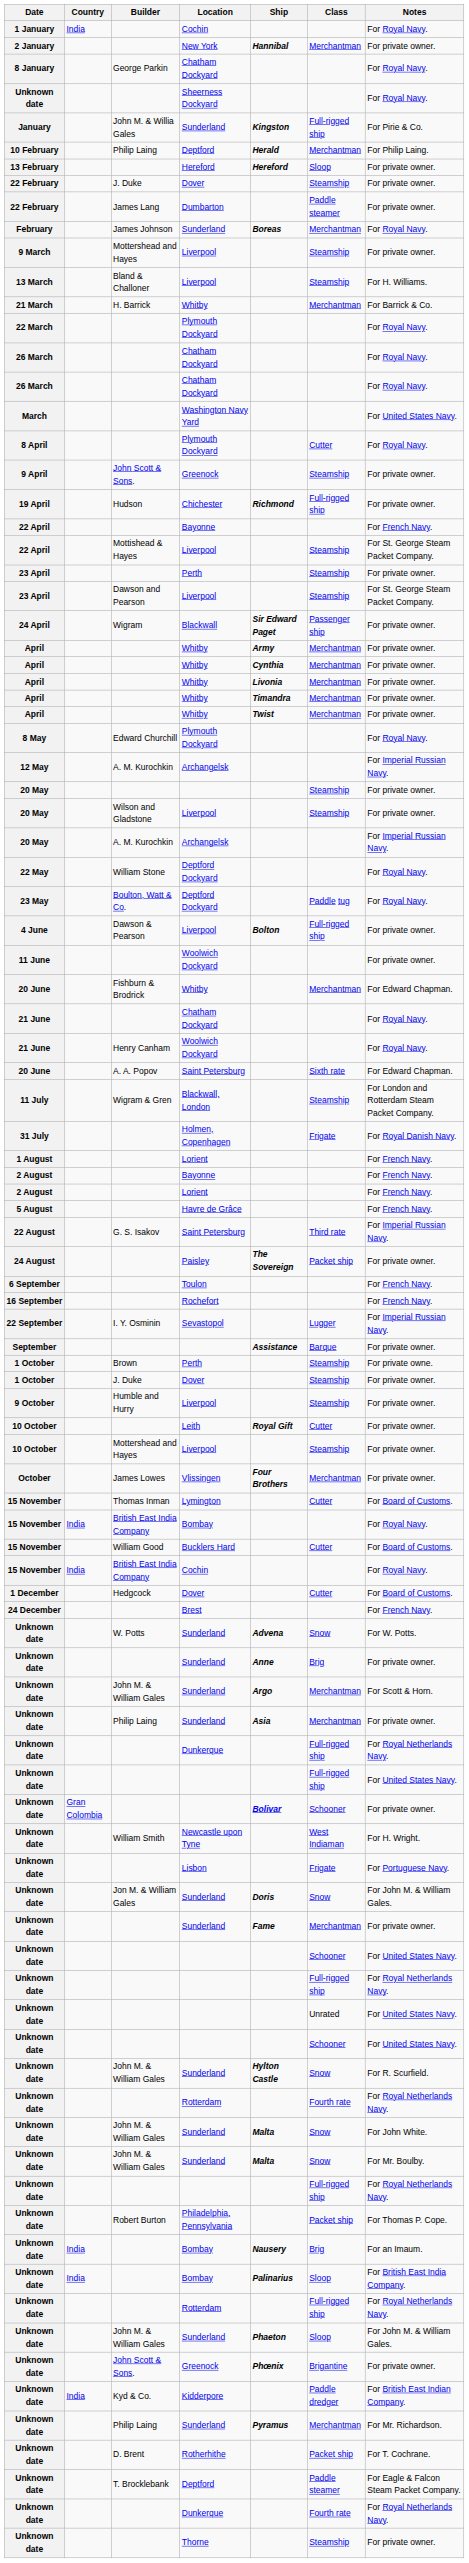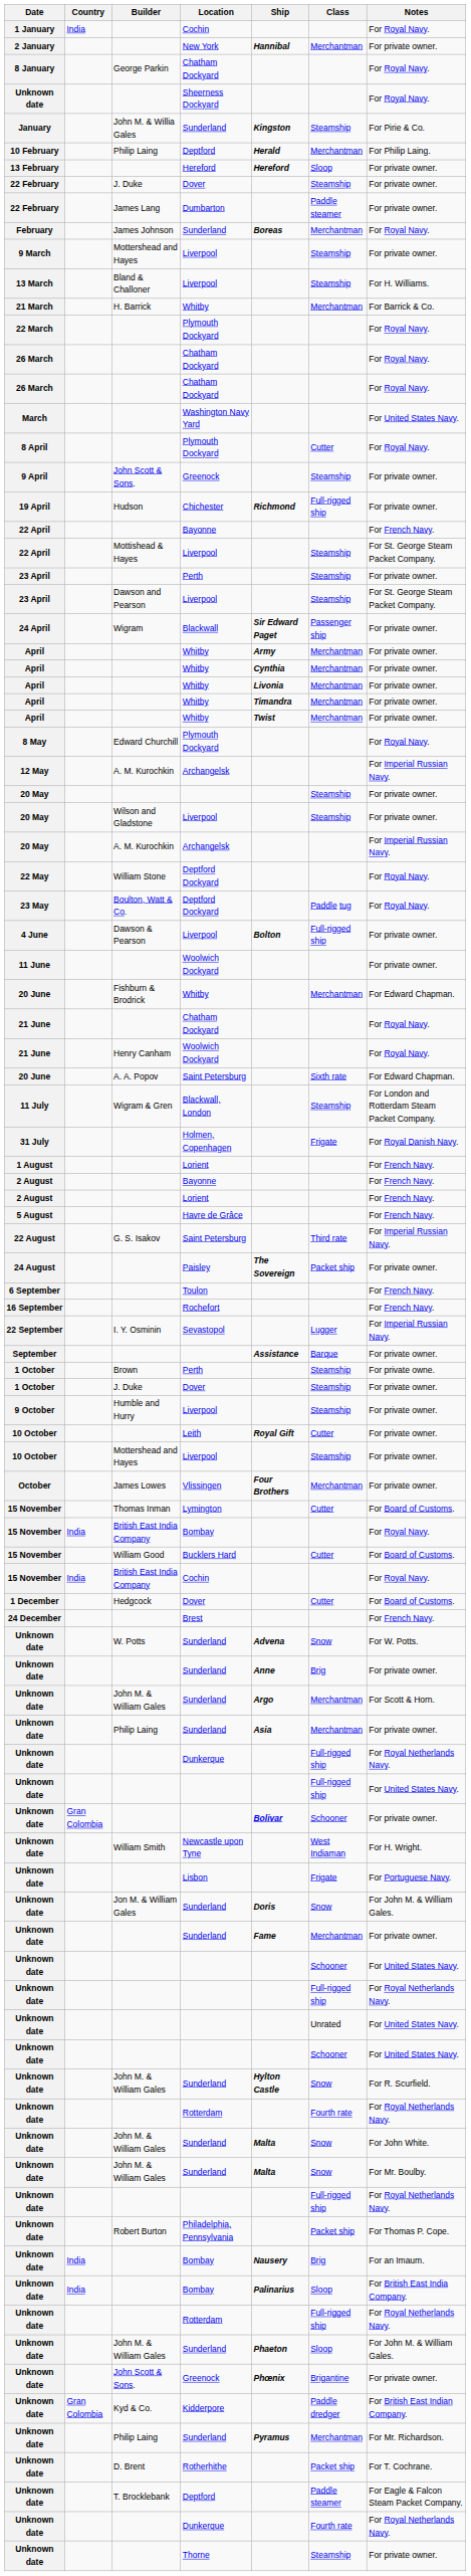 <table class="wikitable sortable" style="font-size:1.00em; line-height:1.5em;">
 <tr>
 <th>Date</th>
 <th>Country</th>
 <th>Builder</th>
 <th>Location</th>
 <th>Ship</th>
 <th>Class</th>
 <th>Notes</th>
 </tr>
 <tr ---->
 <th>1 January</th>
 <td> <a href='#'>India</a></td>
 <td></td>
 <td><a href='#'>Cochin</a></td>
 <td><strong></strong></td>
 <td></td>
 <td>For <a href='#'>Royal Navy</a>.</td>
 </tr>
 <tr ---->
 <th>2 January</th>
 <td></td>
 <td></td>
 <td><a href='#'>New York</a></td>
 <td><strong><em>Hannibal</em></strong></td>
 <td><a href='#'>Merchantman</a></td>
 <td>For private owner.</td>
 </tr>
 <tr ---->
 <th>8 January</th>
 <td></td>
 <td>George Parkin</td>
 <td><a href='#'>Chatham Dockyard</a></td>
 <td><strong></strong></td>
 <td></td>
 <td>For <a href='#'>Royal Navy</a>.</td>
 </tr>
 <tr ---->
 <th>Unknown date</th>
 <td></td>
 <td></td>
 <td><a href='#'>Sheerness Dockyard</a></td>
 <td><strong></strong></td>
 <td></td>
 <td>For <a href='#'>Royal Navy</a>.</td>
 </tr>
 <tr ---->
 <th>January</th>
 <td></td>
 <td>John M. & Willia Gales</td>
 <td><a href='#'>Sunderland</a></td>
 <td><strong><em>Kingston</em></strong></td>
-<td><a href='#'>Full-rigged ship</a></td>
+<td><a href='#'>Steamship</a></td>
 <td>For Pirie & Co.</td>
 </tr>
 <tr ---->
 <th>10 February</th>
 <td></td>
 <td>Philip Laing</td>
 <td><a href='#'>Deptford</a></td>
 <td><strong><em>Herald</em></strong></td>
 <td><a href='#'>Merchantman</a></td>
 <td>For Philip Laing.</td>
 </tr>
 <tr ---->
 <th>13 February</th>
 <td></td>
 <td></td>
 <td><a href='#'>Hereford</a></td>
 <td><strong><em>Hereford</em></strong></td>
 <td><a href='#'>Sloop</a></td>
 <td>For private owner.</td>
 </tr>
 <tr ---->
 <th>22 February</th>
 <td></td>
 <td>J. Duke</td>
 <td><a href='#'>Dover</a></td>
 <td><strong></strong></td>
 <td><a href='#'>Steamship</a></td>
 <td>For private owner.</td>
 </tr>
 <tr ---->
 <th>22 February</th>
 <td></td>
 <td>James Lang</td>
 <td><a href='#'>Dumbarton</a></td>
 <td><strong></strong></td>
 <td><a href='#'>Paddle steamer</a></td>
 <td>For private owner.</td>
 </tr>
 <tr ---->
 <th>February</th>
 <td></td>
 <td>James Johnson</td>
 <td><a href='#'>Sunderland</a></td>
 <td><strong><em>Boreas</em></strong></td>
 <td><a href='#'>Merchantman</a></td>
 <td>For <a href='#'>Royal Navy</a>.</td>
 </tr>
 <tr ---->
 <th>9 March</th>
 <td></td>
 <td>Mottershead and Hayes</td>
 <td><a href='#'>Liverpool</a></td>
 <td><strong></strong></td>
 <td><a href='#'>Steamship</a></td>
 <td>For private owner.</td>
 </tr>
 <tr ---->
 <th>13 March</th>
 <td></td>
 <td>Bland & Challoner</td>
 <td><a href='#'>Liverpool</a></td>
 <td><strong></strong></td>
 <td><a href='#'>Steamship</a></td>
 <td>For H. Williams.</td>
 </tr>
 <tr ---->
 <th>21 March</th>
 <td></td>
 <td>H. Barrick</td>
 <td><a href='#'>Whitby</a></td>
 <td><strong></strong></td>
 <td><a href='#'>Merchantman</a></td>
 <td>For Barrick & Co.</td>
 </tr>
 <tr ---->
 <th>22 March</th>
 <td></td>
 <td></td>
 <td><a href='#'>Plymouth Dockyard</a></td>
 <td><strong></strong></td>
 <td></td>
 <td>For <a href='#'>Royal Navy</a>.</td>
 </tr>
 <tr ---->
 <th>26 March</th>
 <td></td>
 <td></td>
 <td><a href='#'>Chatham Dockyard</a></td>
 <td><strong></strong></td>
 <td></td>
 <td>For <a href='#'>Royal Navy</a>.</td>
 </tr>
 <tr ---->
 <th>26 March</th>
 <td></td>
 <td></td>
 <td><a href='#'>Chatham Dockyard</a></td>
 <td><strong></strong></td>
 <td></td>
 <td>For <a href='#'>Royal Navy</a>.</td>
 </tr>
 <tr ---->
 <th>March</th>
 <td></td>
 <td></td>
 <td><a href='#'>Washington Navy Yard</a></td>
 <td><strong></strong></td>
 <td></td>
 <td>For <a href='#'>United States Navy</a>.</td>
 </tr>
 <tr ---->
 <th>8 April</th>
 <td></td>
 <td></td>
 <td><a href='#'>Plymouth Dockyard</a></td>
 <td><strong></strong></td>
 <td><a href='#'>Cutter</a></td>
 <td>For <a href='#'>Royal Navy</a>.</td>
 </tr>
 <tr ---->
 <th>9 April</th>
 <td></td>
 <td><a href='#'>John Scott & Sons</a>.</td>
 <td><a href='#'>Greenock</a></td>
 <td><strong></strong></td>
 <td><a href='#'>Steamship</a></td>
 <td>For private owner.</td>
 </tr>
 <tr ---->
 <th>19 April</th>
 <td></td>
 <td>Hudson</td>
 <td><a href='#'>Chichester</a></td>
 <td><strong><em>Richmond</em></strong></td>
 <td><a href='#'>Full-rigged ship</a></td>
 <td>For private owner.</td>
 </tr>
 <tr ---->
 <th>22 April</th>
 <td></td>
 <td></td>
 <td><a href='#'>Bayonne</a></td>
 <td><strong></strong></td>
 <td></td>
 <td>For <a href='#'>French Navy</a>.</td>
 </tr>
 <tr ---->
 <th>22 April</th>
 <td></td>
 <td>Mottishead & Hayes</td>
 <td><a href='#'>Liverpool</a></td>
 <td><strong></strong></td>
 <td><a href='#'>Steamship</a></td>
 <td>For St. George Steam Packet Company.</td>
 </tr>
 <tr ---->
 <th>23 April</th>
 <td></td>
 <td></td>
 <td><a href='#'>Perth</a></td>
 <td><strong></strong></td>
 <td><a href='#'>Steamship</a></td>
 <td>For private owner.</td>
 </tr>
 <tr ---->
 <th>23 April</th>
 <td></td>
 <td>Dawson and Pearson</td>
 <td><a href='#'>Liverpool</a></td>
 <td><strong></strong></td>
 <td><a href='#'>Steamship</a></td>
 <td>For St. George Steam Packet Company.</td>
 </tr>
 <tr ---->
 <th>24 April</th>
 <td></td>
 <td>Wigram</td>
 <td><a href='#'>Blackwall</a></td>
 <td><strong><em>Sir Edward Paget</em></strong></td>
 <td><a href='#'>Passenger ship</a></td>
 <td>For private owner.</td>
 </tr>
 <tr ---->
 <th>April</th>
 <td></td>
 <td></td>
 <td><a href='#'>Whitby</a></td>
 <td><strong><em>Army</em></strong></td>
 <td><a href='#'>Merchantman</a></td>
 <td>For private owner.</td>
 </tr>
 <tr ---->
 <th>April</th>
 <td></td>
 <td></td>
 <td><a href='#'>Whitby</a></td>
 <td><strong><em>Cynthia</em></strong></td>
 <td><a href='#'>Merchantman</a></td>
 <td>For private owner.</td>
 </tr>
 <tr ---->
 <th>April</th>
 <td></td>
 <td></td>
 <td><a href='#'>Whitby</a></td>
 <td><strong><em>Livonia</em></strong></td>
 <td><a href='#'>Merchantman</a></td>
 <td>For private owner.</td>
 </tr>
 <tr ---->
 <th>April</th>
 <td></td>
 <td></td>
 <td><a href='#'>Whitby</a></td>
 <td><strong><em>Timandra</em></strong></td>
 <td><a href='#'>Merchantman</a></td>
 <td>For private owner.</td>
 </tr>
 <tr ---->
 <th>April</th>
 <td></td>
 <td></td>
 <td><a href='#'>Whitby</a></td>
 <td><strong><em>Twist</em></strong></td>
 <td><a href='#'>Merchantman</a></td>
 <td>For private owner.</td>
 </tr>
 <tr ---->
 <th>8 May</th>
 <td></td>
 <td>Edward Churchill</td>
 <td><a href='#'>Plymouth Dockyard</a></td>
 <td><strong></strong></td>
 <td></td>
 <td>For <a href='#'>Royal Navy</a>.</td>
 </tr>
 <tr ---->
 <th>12 May</th>
 <td></td>
 <td>A. M. Kurochkin</td>
 <td><a href='#'>Archangelsk</a></td>
 <td><strong></strong></td>
 <td></td>
 <td>For <a href='#'>Imperial Russian Navy</a>.</td>
 </tr>
 <tr ---->
 <th>20 May</th>
 <td></td>
 <td></td>
 <td></td>
 <td><strong></strong></td>
 <td><a href='#'>Steamship</a></td>
 <td>For private owner.</td>
 </tr>
 <tr ---->
 <th>20 May</th>
 <td></td>
 <td>Wilson and Gladstone</td>
 <td><a href='#'>Liverpool</a></td>
 <td><strong></strong></td>
 <td><a href='#'>Steamship</a></td>
 <td>For private owner.</td>
 </tr>
 <tr ---->
 <th>20 May</th>
 <td></td>
 <td>A. M. Kurochkin</td>
 <td><a href='#'>Archangelsk</a></td>
 <td><strong></strong></td>
 <td></td>
 <td>For <a href='#'>Imperial Russian Navy</a>.</td>
 </tr>
 <tr ---->
 <th>22 May</th>
 <td></td>
 <td>William Stone</td>
 <td><a href='#'>Deptford Dockyard</a></td>
 <td><strong></strong></td>
 <td></td>
 <td>For <a href='#'>Royal Navy</a>.</td>
 </tr>
 <tr ---->
 <th>23 May</th>
 <td></td>
 <td><a href='#'>Boulton, Watt & Co</a>.</td>
 <td><a href='#'>Deptford Dockyard</a></td>
 <td><strong></strong></td>
 <td><a href='#'>Paddle</a> <a href='#'>tug</a></td>
 <td>For <a href='#'>Royal Navy</a>.</td>
 </tr>
 <tr ---->
 <th>4 June</th>
 <td></td>
 <td>Dawson & Pearson</td>
 <td><a href='#'>Liverpool</a></td>
 <td><strong><em>Bolton</em></strong></td>
 <td><a href='#'>Full-rigged ship</a></td>
 <td>For private owner.</td>
 </tr>
 <tr ---->
 <th>11 June</th>
 <td></td>
 <td></td>
 <td><a href='#'>Woolwich Dockyard</a></td>
 <td><strong></strong></td>
 <td></td>
 <td>For private owner.</td>
 </tr>
 <tr ---->
 <th>20 June</th>
 <td></td>
 <td>Fishburn & Brodrick</td>
 <td><a href='#'>Whitby</a></td>
 <td><strong></strong></td>
 <td><a href='#'>Merchantman</a></td>
 <td>For Edward Chapman.</td>
 </tr>
 <tr ---->
 <th>21 June</th>
 <td></td>
 <td></td>
 <td><a href='#'>Chatham Dockyard</a></td>
 <td><strong></strong></td>
 <td></td>
 <td>For <a href='#'>Royal Navy</a>.</td>
 </tr>
 <tr ---->
 <th>21 June</th>
 <td></td>
 <td>Henry Canham</td>
 <td><a href='#'>Woolwich Dockyard</a></td>
 <td><strong></strong></td>
 <td></td>
 <td>For <a href='#'>Royal Navy</a>.</td>
 </tr>
 <tr ---->
 <th>20 June</th>
 <td></td>
 <td>A. A. Popov</td>
 <td><a href='#'>Saint Petersburg</a></td>
 <td><strong></strong></td>
 <td><a href='#'>Sixth rate</a></td>
 <td>For Edward Chapman.</td>
 </tr>
 <tr ---->
 <th>11 July</th>
 <td></td>
 <td>Wigram & Gren</td>
 <td><a href='#'>Blackwall, London</a></td>
 <td><strong></strong></td>
 <td><a href='#'>Steamship</a></td>
 <td>For London and Rotterdam Steam Packet Company.</td>
 </tr>
 <tr ---->
 <th>31 July</th>
 <td></td>
 <td></td>
 <td><a href='#'>Holmen, Copenhagen</a></td>
 <td><strong></strong></td>
 <td><a href='#'>Frigate</a></td>
 <td>For <a href='#'>Royal Danish Navy</a>.</td>
 </tr>
 <tr ---->
 <th>1 August</th>
 <td></td>
 <td></td>
 <td><a href='#'>Lorient</a></td>
 <td><strong></strong></td>
 <td></td>
 <td>For <a href='#'>French Navy</a>.</td>
 </tr>
 <tr ---->
 <th>2 August</th>
 <td></td>
 <td></td>
 <td><a href='#'>Bayonne</a></td>
 <td><strong></strong></td>
 <td></td>
 <td>For <a href='#'>French Navy</a>.</td>
 </tr>
 <tr ---->
 <th>2 August</th>
 <td></td>
 <td></td>
 <td><a href='#'>Lorient</a></td>
 <td><strong></strong></td>
 <td></td>
 <td>For <a href='#'>French Navy</a>.</td>
 </tr>
 <tr ---->
 <th>5 August</th>
 <td></td>
 <td></td>
 <td><a href='#'>Havre de Grâce</a></td>
 <td><strong></strong></td>
 <td></td>
 <td>For <a href='#'>French Navy</a>.</td>
 </tr>
 <tr ---->
 <th>22 August</th>
 <td></td>
 <td>G. S. Isakov</td>
 <td><a href='#'>Saint Petersburg</a></td>
 <td><strong></strong></td>
 <td><a href='#'>Third rate</a></td>
 <td>For <a href='#'>Imperial Russian Navy</a>.</td>
 </tr>
 <tr ---->
 <th>24 August</th>
 <td></td>
 <td></td>
 <td><a href='#'>Paisley</a></td>
 <td><strong><em>The Sovereign</em></strong></td>
 <td><a href='#'>Packet ship</a></td>
 <td>For private owner.</td>
 </tr>
 <tr ---->
 <th>6 September</th>
 <td></td>
 <td></td>
 <td><a href='#'>Toulon</a></td>
 <td><strong></strong></td>
 <td></td>
 <td>For <a href='#'>French Navy</a>.</td>
 </tr>
 <tr ---->
 <th>16 September</th>
 <td></td>
 <td></td>
 <td><a href='#'>Rochefort</a></td>
 <td><strong></strong></td>
 <td></td>
 <td>For <a href='#'>French Navy</a>.</td>
 </tr>
 <tr ---->
 <th>22 September</th>
 <td></td>
 <td>I. Y. Osminin</td>
 <td><a href='#'>Sevastopol</a></td>
 <td><strong></strong></td>
 <td><a href='#'>Lugger</a></td>
 <td>For <a href='#'>Imperial Russian Navy</a>.</td>
 </tr>
 <tr ---->
 <th>September</th>
 <td></td>
 <td></td>
 <td></td>
 <td><strong><em>Assistance</em></strong></td>
 <td><a href='#'>Barque</a></td>
 <td>For private owner.</td>
 </tr>
 <tr ---->
 <th>1 October</th>
 <td></td>
 <td>Brown</td>
 <td><a href='#'>Perth</a></td>
 <td><strong></strong></td>
 <td><a href='#'>Steamship</a></td>
 <td>For private owne.</td>
 </tr>
 <tr ---->
 <th>1 October</th>
 <td></td>
 <td>J. Duke</td>
 <td><a href='#'>Dover</a></td>
 <td><strong></strong></td>
 <td><a href='#'>Steamship</a></td>
 <td>For private owner.</td>
 </tr>
 <tr ---->
 <th>9 October</th>
 <td></td>
 <td>Humble and Hurry</td>
 <td><a href='#'>Liverpool</a></td>
 <td><strong></strong></td>
 <td><a href='#'>Steamship</a></td>
 <td>For private owner.</td>
 </tr>
 <tr ---->
 <th>10 October</th>
 <td></td>
 <td></td>
 <td><a href='#'>Leith</a></td>
 <td><strong><em>Royal Gift</em></strong></td>
 <td><a href='#'>Cutter</a></td>
 <td>For private owner.</td>
 </tr>
 <tr ---->
 <th>10 October</th>
 <td></td>
 <td>Mottershead and Hayes</td>
 <td><a href='#'>Liverpool</a></td>
 <td><strong></strong></td>
 <td><a href='#'>Steamship</a></td>
 <td>For private owner.</td>
 </tr>
 <tr ---->
 <th>October</th>
 <td></td>
 <td>James Lowes</td>
 <td><a href='#'>Vlissingen</a></td>
 <td><strong><em>Four Brothers</em></strong> </td>
 <td><a href='#'>Merchantman</a></td>
 <td>For private owner.</td>
 </tr>
 <tr ---->
 <th>15 November</th>
 <td></td>
 <td>Thomas Inman</td>
 <td><a href='#'>Lymington</a></td>
 <td><strong></strong></td>
 <td><a href='#'>Cutter</a></td>
 <td>For <a href='#'>Board of Customs</a>.</td>
 </tr>
 <tr ---->
 <th>15 November</th>
 <td> <a href='#'>India</a></td>
 <td><a href='#'>British East India Company</a></td>
 <td><a href='#'>Bombay</a></td>
 <td><strong></strong></td>
 <td></td>
 <td>For <a href='#'>Royal Navy</a>.</td>
 </tr>
 <tr ---->
 <th>15 November</th>
 <td></td>
 <td>William Good</td>
 <td><a href='#'>Bucklers Hard</a></td>
 <td><strong></strong></td>
 <td><a href='#'>Cutter</a></td>
 <td>For <a href='#'>Board of Customs</a>.</td>
 </tr>
 <tr ---->
 <th>15 November</th>
 <td> <a href='#'>India</a></td>
 <td><a href='#'>British East India Company</a></td>
 <td><a href='#'>Cochin</a></td>
 <td><strong></strong></td>
 <td></td>
 <td>For <a href='#'>Royal Navy</a>.</td>
 </tr>
 <tr ---->
 <th>1 December</th>
 <td></td>
 <td>Hedgcock</td>
 <td><a href='#'>Dover</a></td>
 <td><strong></strong></td>
 <td><a href='#'>Cutter</a></td>
 <td>For <a href='#'>Board of Customs</a>.</td>
 </tr>
 <tr ---->
 <th>24 December</th>
 <td></td>
 <td></td>
 <td><a href='#'>Brest</a></td>
 <td><strong></strong></td>
 <td></td>
 <td>For <a href='#'>French Navy</a>.</td>
 </tr>
 <tr ---->
 <th>Unknown date</th>
 <td></td>
 <td>W. Potts</td>
 <td><a href='#'>Sunderland</a></td>
 <td><strong><em>Advena</em></strong></td>
 <td><a href='#'>Snow</a></td>
 <td>For W. Potts.</td>
 </tr>
 <tr ---->
 <th>Unknown date</th>
 <td></td>
 <td></td>
 <td><a href='#'>Sunderland</a></td>
 <td><strong><em>Anne</em></strong></td>
 <td><a href='#'>Brig</a></td>
 <td>For private owner.</td>
 </tr>
 <tr ---->
 <th>Unknown date</th>
 <td></td>
 <td>John M. & William Gales</td>
 <td><a href='#'>Sunderland</a></td>
 <td><strong><em>Argo</em></strong></td>
 <td><a href='#'>Merchantman</a></td>
 <td>For Scott & Horn.</td>
 </tr>
 <tr ---->
 <th>Unknown date</th>
 <td></td>
 <td>Philip Laing</td>
 <td><a href='#'>Sunderland</a></td>
 <td><strong><em>Asia</em></strong></td>
 <td><a href='#'>Merchantman</a></td>
 <td>For private owner.</td>
 </tr>
 <tr ---->
 <th>Unknown date</th>
 <td></td>
 <td></td>
 <td><a href='#'>Dunkerque</a></td>
 <td><strong></strong></td>
 <td><a href='#'>Full-rigged ship</a></td>
 <td>For <a href='#'>Royal Netherlands Navy</a>.</td>
 </tr>
 <tr ---->
 <th>Unknown date</th>
 <td></td>
 <td></td>
 <td></td>
 <td><strong></strong></td>
 <td><a href='#'>Full-rigged ship</a></td>
 <td>For <a href='#'>United States Navy</a>.</td>
 </tr>
 <tr ---->
 <th>Unknown date</th>
 <td> <a href='#'>Gran Colombia</a></td>
 <td></td>
 <td></td>
 <td><strong><a href='#'><em>Bolivar</em></a></strong></td>
 <td><a href='#'>Schooner</a></td>
 <td>For private owner.</td>
 </tr>
 <tr ---->
 <th>Unknown date</th>
 <td></td>
 <td>William Smith</td>
 <td><a href='#'>Newcastle upon Tyne</a></td>
 <td><strong></strong></td>
 <td><a href='#'>West Indiaman</a></td>
 <td>For H. Wright.</td>
 </tr>
 <tr ---->
 <th>Unknown date</th>
 <td></td>
 <td></td>
 <td><a href='#'>Lisbon</a></td>
 <td><strong></strong></td>
 <td><a href='#'>Frigate</a></td>
 <td>For <a href='#'>Portuguese Navy</a>.</td>
 </tr>
 <tr ---->
 <th>Unknown date</th>
 <td></td>
 <td>Jon M. & William Gales</td>
 <td><a href='#'>Sunderland</a></td>
 <td><strong><em>Doris</em></strong></td>
 <td><a href='#'>Snow</a></td>
 <td>For John M. & William Gales.</td>
 </tr>
 <tr ---->
 <th>Unknown date</th>
 <td></td>
 <td></td>
 <td><a href='#'>Sunderland</a></td>
 <td><strong><em>Fame</em></strong></td>
 <td><a href='#'>Merchantman</a></td>
 <td>For private owner.</td>
 </tr>
 <tr ---->
 <th>Unknown date</th>
 <td></td>
 <td></td>
 <td></td>
 <td><strong></strong></td>
 <td><a href='#'>Schooner</a></td>
 <td>For <a href='#'>United States Navy</a>.</td>
 </tr>
 <tr ---->
 <th>Unknown date</th>
 <td></td>
 <td></td>
 <td></td>
 <td><strong></strong></td>
 <td><a href='#'>Full-rigged ship</a></td>
 <td>For <a href='#'>Royal Netherlands Navy</a>.</td>
 </tr>
 <tr ---->
 <th>Unknown date</th>
 <td></td>
 <td></td>
 <td></td>
 <td><strong></strong></td>
 <td>Unrated</td>
 <td>For <a href='#'>United States Navy</a>.</td>
 </tr>
 <tr ---->
 <th>Unknown date</th>
 <td></td>
 <td></td>
 <td></td>
 <td><strong></strong></td>
 <td><a href='#'>Schooner</a></td>
 <td>For <a href='#'>United States Navy</a>.</td>
 </tr>
 <tr ---->
 <th>Unknown date</th>
 <td></td>
 <td>John M. & William Gales</td>
 <td><a href='#'>Sunderland</a></td>
 <td><strong><em>Hylton Castle</em></strong></td>
 <td><a href='#'>Snow</a></td>
 <td>For R. Scurfield.</td>
 </tr>
 <tr ---->
 <th>Unknown date</th>
 <td></td>
 <td></td>
 <td><a href='#'>Rotterdam</a></td>
 <td><strong></strong></td>
 <td><a href='#'>Fourth rate</a></td>
 <td>For <a href='#'>Royal Netherlands Navy</a>.</td>
 </tr>
 <tr ---->
 <th>Unknown date</th>
 <td></td>
 <td>John M. & William Gales</td>
 <td><a href='#'>Sunderland</a></td>
 <td><strong><em>Malta</em></strong></td>
 <td><a href='#'>Snow</a></td>
 <td>For John White.</td>
 </tr>
 <tr ---->
 <th>Unknown date</th>
 <td></td>
 <td>John M. & William Gales</td>
 <td><a href='#'>Sunderland</a></td>
 <td><strong><em>Malta</em></strong></td>
 <td><a href='#'>Snow</a></td>
 <td>For Mr. Boulby.</td>
 </tr>
 <tr ---->
 <th>Unknown date</th>
 <td></td>
 <td></td>
 <td></td>
 <td><strong></strong></td>
 <td><a href='#'>Full-rigged ship</a></td>
 <td>For <a href='#'>Royal Netherlands Navy</a>.</td>
 </tr>
 <tr ---->
 <th>Unknown date</th>
 <td></td>
 <td>Robert Burton</td>
 <td><a href='#'>Philadelphia, Pennsylvania</a></td>
 <td><strong></strong></td>
 <td><a href='#'>Packet ship</a></td>
 <td>For Thomas P. Cope.</td>
 </tr>
 <tr ---->
 <th>Unknown date</th>
 <td> <a href='#'>India</a></td>
 <td></td>
 <td><a href='#'>Bombay</a></td>
 <td><strong><em>Nausery</em></strong></td>
 <td><a href='#'>Brig</a></td>
 <td>For an Imaum.</td>
 </tr>
 <tr ---->
 <th>Unknown date</th>
 <td> <a href='#'>India</a></td>
 <td></td>
 <td><a href='#'>Bombay</a></td>
 <td><strong><em>Palinarius</em></strong></td>
 <td><a href='#'>Sloop</a></td>
 <td>For <a href='#'>British East India Company</a>.</td>
 </tr>
 <tr ---->
 <th>Unknown date</th>
 <td></td>
 <td></td>
 <td><a href='#'>Rotterdam</a></td>
 <td><strong></strong></td>
 <td><a href='#'>Full-rigged ship</a></td>
 <td>For <a href='#'>Royal Netherlands Navy</a>.</td>
 </tr>
 <tr ---->
 <th>Unknown date</th>
 <td></td>
 <td>John M. & William Gales</td>
 <td><a href='#'>Sunderland</a></td>
 <td><strong><em>Phaeton</em></strong></td>
 <td><a href='#'>Sloop</a></td>
 <td>For John M. & William Gales.</td>
 </tr>
 <tr ---->
 <th>Unknown date</th>
 <td></td>
 <td><a href='#'>John Scott & Sons</a>.</td>
 <td><a href='#'>Greenock</a></td>
 <td><strong><em>Phœnix</em></strong></td>
 <td><a href='#'>Brigantine</a></td>
 <td>For private owner.</td>
 </tr>
 <tr ---->
 <th>Unknown date</th>
-<td> <a href='#'>India</a></td>
+<td> <a href='#'>Gran Colombia</a></td>
 <td>Kyd & Co.</td>
 <td><a href='#'>Kidderpore</a></td>
 <td><strong></strong></td>
 <td><a href='#'>Paddle</a> <a href='#'>dredger</a></td>
 <td>For <a href='#'>British East Indian Company</a>.</td>
 </tr>
 <tr ---->
 <th>Unknown date</th>
 <td></td>
 <td>Philip Laing</td>
 <td><a href='#'>Sunderland</a></td>
 <td><strong><em>Pyramus</em></strong></td>
 <td><a href='#'>Merchantman</a></td>
 <td>For Mr. Richardson.</td>
 </tr>
 <tr ---->
 <th>Unknown date</th>
 <td></td>
 <td>D. Brent</td>
 <td><a href='#'>Rotherhithe</a></td>
 <td><strong></strong></td>
 <td><a href='#'>Packet ship</a></td>
 <td>For T. Cochrane.</td>
 </tr>
 <tr ---->
 <th>Unknown date</th>
 <td></td>
 <td>T. Brocklebank</td>
 <td><a href='#'>Deptford</a></td>
 <td><strong></strong></td>
 <td><a href='#'>Paddle steamer</a></td>
 <td>For Eagle & Falcon Steam Packet Company.</td>
 </tr>
 <tr ---->
 <th>Unknown date</th>
 <td></td>
 <td></td>
 <td><a href='#'>Dunkerque</a></td>
 <td><strong></strong></td>
 <td><a href='#'>Fourth rate</a></td>
 <td>For <a href='#'>Royal Netherlands Navy</a>.</td>
 </tr>
 <tr ---->
 <th>Unknown date</th>
 <td></td>
 <td></td>
 <td><a href='#'>Thorne</a></td>
 <td><strong></strong></td>
 <td><a href='#'>Steamship</a></td>
 <td>For private owner.</td>
 </tr>
 </table>
